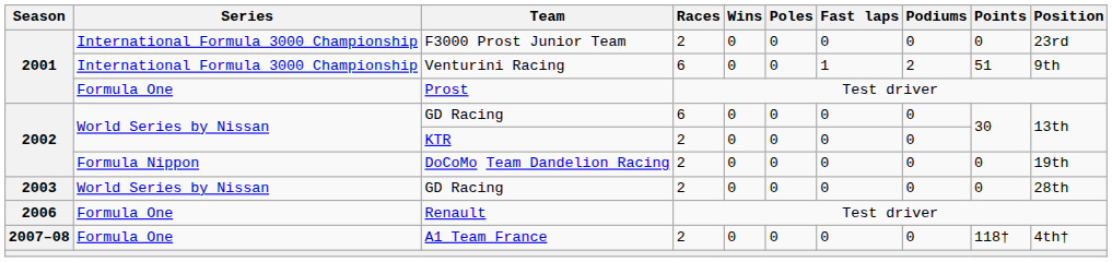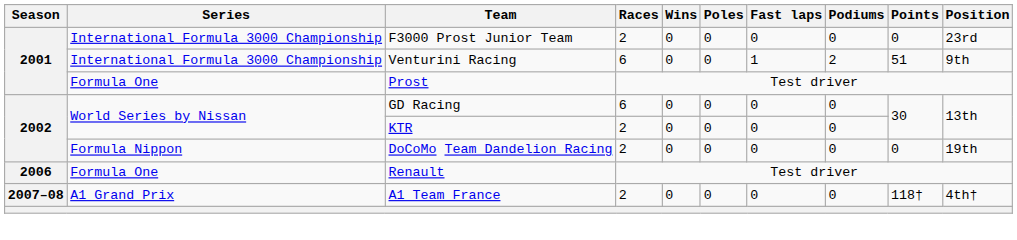 <table class="wikitable" style="font-size: 90%;">
 <tr>
 <th>Season</th>
 <th>Series</th>
 <th>Team</th>
 <th>Races</th>
 <th>Wins</th>
 <th>Poles</th>
 <th>Fast laps</th>
 <th>Podiums</th>
 <th>Points</th>
 <th>Position</th>
 </tr>
 <tr>
 <th rowspan="3">2001</th>
 <td align="left"><a href='#'>International Formula 3000 Championship</a></td>
 <td align="left">F3000 Prost Junior Team</td>
 <td>2</td>
 <td>0</td>
 <td>0</td>
 <td>0</td>
 <td>0</td>
 <td>0</td>
 <td>23rd</td>
 </tr>
 <tr>
 <td align="left"><a href='#'>International Formula 3000 Championship</a></td>
 <td align="left">Venturini Racing</td>
 <td>6</td>
 <td>0</td>
 <td>0</td>
 <td>1</td>
 <td>2</td>
 <td>51</td>
 <td>9th</td>
 </tr>
 <tr>
 <td align="left"><a href='#'>Formula One</a></td>
 <td align="left"><a href='#'>Prost</a></td>
 <td colspan="7" align="center">Test driver</td>
 </tr>
 <tr>
 <th rowspan="3">2002</th>
 <td rowspan="2" align="left"><a href='#'>World Series by Nissan</a></td>
 <td align=left>GD Racing</td>
 <td>6</td>
 <td>0</td>
 <td>0</td>
 <td>0</td>
 <td>0</td>
 <td rowspan="2">30</td>
 <td rowspan="2">13th</td>
 </tr>
 <tr>
 <td align=left><a href='#'>KTR</a></td>
 <td>2</td>
 <td>0</td>
 <td>0</td>
 <td>0</td>
 <td>0</td>
 </tr>
 <tr>
 <td align="left"><a href='#'>Formula Nippon</a></td>
 <td align="left"><a href='#'>DoCoMo</a> <a href='#'>Team Dandelion Racing</a></td>
 <td>2</td>
 <td>0</td>
 <td>0</td>
 <td>0</td>
 <td>0</td>
 <td>0</td>
 <td>19th</td>
 </tr>
 <tr>
-<th align="left">2003</th>
-<td align="left"><a href='#'>World Series by Nissan</a></td>
-<td align="left">GD Racing</td>
-<td>2</td>
-<td>0</td>
-<td>0</td>
-<td>0</td>
-<td>0</td>
-<td>0</td>
-<td>28th</td>
-</tr>
-<tr>
 <th>2006</th>
 <td align=left><a href='#'>Formula One</a></td>
 <td align=left><a href='#'>Renault</a></td>
 <td align="center" colspan=7>Test driver</td>
 </tr>
 <tr>
 <th align=left>2007–08</th>
-<td align=left><a href='#'>Formula One</a></td>
+<td align=left><a href='#'>A1 Grand Prix</a></td>
 <td align=left><a href='#'>A1 Team France</a></td>
 <td>2</td>
 <td>0</td>
 <td>0</td>
 <td>0</td>
 <td>0</td>
 <td>118†</td>
 <td>4th†</td>
 </tr>
 <tr>
 <th colspan="10"></th>
 </tr>
 </table>
